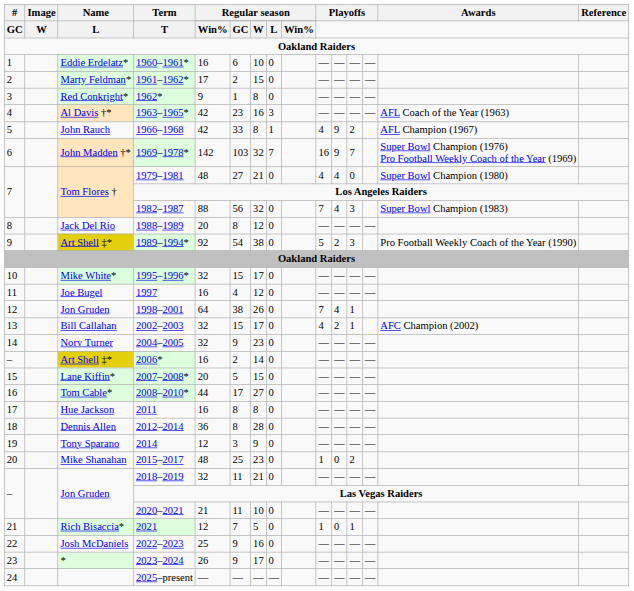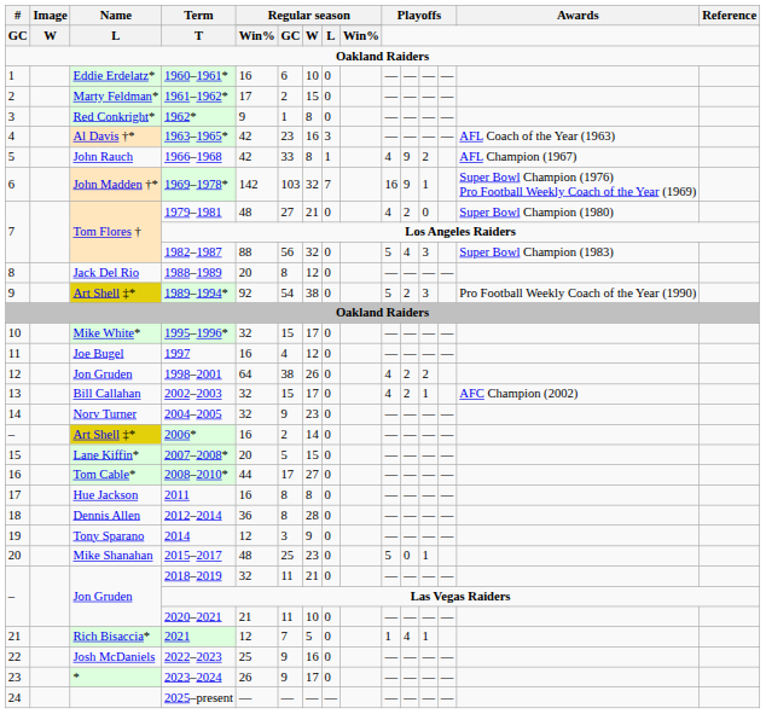 <table class="wikitable">
 <tr>
 <th rowspan="2">#</th>
 <th rowspan="2">Image</th>
 <th rowspan="2">Name</th>
 <th rowspan="2">Term</th>
 <th colspan="5">Regular season</th>
 <th colspan="4">Playoffs</th>
 <th rowspan="2">Awards</th>
 <th rowspan="2">Reference</th>
 </tr>
 <tr>
 </tr>
 <tr>
 <th>GC</th>
 <th>W</th>
 <th>L</th>
 <th>T</th>
 <th>Win%</th>
 <th>GC</th>
 <th>W</th>
 <th>L</th>
 <th>Win%</th>
 </tr>
 <tr>
 <td align="center" colspan="19"><strong>Oakland Raiders</strong></td>
 </tr>
 <tr>
 <td>1</td>
 <td></td>
 <td style="background-color:#ddffdd"><a href='#'>Eddie Erdelatz</a>*</td>
 <td style="background-color:#ddffdd"><a href='#'>1960</a>–<a href='#'>1961</a>*</td>
 <td>16</td>
 <td>6</td>
 <td>10</td>
 <td>0</td>
 <td></td>
 <td>—</td>
 <td>—</td>
 <td>—</td>
 <td>—</td>
 <td></td>
 <td align=center></td>
 </tr>
 <tr>
 <td>2</td>
 <td></td>
 <td style="background-color:#ddffdd"><a href='#'>Marty Feldman</a>*</td>
 <td style="background-color:#ddffdd"><a href='#'>1961</a>–<a href='#'>1962</a>*</td>
 <td>17</td>
 <td>2</td>
 <td>15</td>
 <td>0</td>
 <td></td>
 <td>—</td>
 <td>—</td>
 <td>—</td>
 <td>—</td>
 <td></td>
 <td align=center></td>
 </tr>
 <tr>
 <td>3</td>
 <td></td>
 <td style="background-color:#ddffdd"><a href='#'>Red Conkright</a>*</td>
 <td style="background-color:#ddffdd"><a href='#'>1962</a>*</td>
 <td>9</td>
 <td>1</td>
 <td>8</td>
 <td>0</td>
 <td></td>
 <td>—</td>
 <td>—</td>
 <td>—</td>
 <td>—</td>
 <td></td>
 <td align=center></td>
 </tr>
 <tr>
 <td>4</td>
 <td></td>
 <td style="background-color:#FFE6BD"><a href='#'>Al Davis</a> †*</td>
 <td style="background-color:#ddffdd"><a href='#'>1963</a>–<a href='#'>1965</a>*</td>
 <td>42</td>
 <td>23</td>
 <td>16</td>
 <td>3</td>
 <td></td>
 <td>—</td>
 <td>—</td>
 <td>—</td>
 <td>—</td>
 <td><a href='#'>AFL</a> Coach of the Year (1963)</td>
 <td align=center></td>
 </tr>
 <tr>
 <td>5</td>
 <td></td>
 <td><a href='#'>John Rauch</a></td>
 <td><a href='#'>1966</a>–<a href='#'>1968</a></td>
 <td>42</td>
 <td>33</td>
 <td>8</td>
 <td>1</td>
 <td></td>
 <td>4</td>
 <td>9</td>
 <td>2</td>
 <td></td>
 <td><a href='#'>AFL</a> Champion (1967)</td>
 <td align=center></td>
 </tr>
 <tr>
 <td>6</td>
 <td></td>
 <td style="background-color:#FFE6BD"><a href='#'>John Madden</a> †*</td>
 <td style="background-color:#ddffdd"><a href='#'>1969</a>–<a href='#'>1978</a>*</td>
 <td>142</td>
 <td>103</td>
 <td>32</td>
 <td>7</td>
 <td></td>
 <td>16</td>
 <td>9</td>
-<td>7</td>
+<td>1</td>
 <td></td>
 <td><a href='#'>Super Bowl</a> Champion (1976)<br><a href='#'>Pro Football Weekly Coach of the Year</a> (1969)</td>
 <td align=center></td>
 </tr>
 <tr>
 <td rowspan="3">7</td>
 <td rowspan="3"></td>
 <td rowspan="3" style="background-color:#FFE6BD"><a href='#'>Tom Flores</a> †</td>
 <td><a href='#'>1979</a>–<a href='#'>1981</a></td>
 <td>48</td>
 <td>27</td>
 <td>21</td>
 <td>0</td>
 <td></td>
 <td>4</td>
-<td>4</td>
+<td>2</td>
 <td>0</td>
 <td></td>
 <td><a href='#'>Super Bowl</a> Champion (1980)</td>
 <td align=center></td>
 </tr>
 <tr>
 <td align="center" colspan="16"><strong>Los Angeles Raiders</strong></td>
 </tr>
 <tr>
 <td><a href='#'>1982</a>–<a href='#'>1987</a></td>
 <td>88</td>
 <td>56</td>
 <td>32</td>
 <td>0</td>
 <td></td>
-<td>7</td>
+<td>5</td>
 <td>4</td>
 <td>3</td>
 <td></td>
 <td><a href='#'>Super Bowl</a> Champion (1983)</td>
 <td align=center></td>
 </tr>
 <tr>
 <td>8</td>
 <td></td>
 <td><a href='#'>Jack Del Rio</a></td>
 <td><a href='#'>1988</a>–<a href='#'>1989</a></td>
 <td>20</td>
 <td>8</td>
 <td>12</td>
 <td>0</td>
 <td></td>
 <td>—</td>
 <td>—</td>
 <td>—</td>
 <td>—</td>
 <td></td>
 <td align=center></td>
 </tr>
 <tr>
 <td>9</td>
 <td></td>
 <td style="background-color:#E4D00A"><a href='#'>Art Shell</a> ‡*</td>
 <td style="background-color:#ddffdd"><a href='#'>1989</a>–<a href='#'>1994</a>*</td>
 <td>92</td>
 <td>54</td>
 <td>38</td>
 <td>0</td>
 <td></td>
 <td>5</td>
 <td>2</td>
 <td>3</td>
 <td></td>
 <td>Pro Football Weekly Coach of the Year (1990)</td>
 <td align=center></td>
 </tr>
 <tr bgcolor=silver>
 <td align="center" colspan="19"><strong>Oakland Raiders</strong></td>
 </tr>
 <tr>
 <td>10</td>
 <td></td>
 <td style="background-color:#ddffdd"><a href='#'>Mike White</a>*</td>
 <td style="background-color:#ddffdd"><a href='#'>1995</a>–<a href='#'>1996</a>*</td>
 <td>32</td>
 <td>15</td>
 <td>17</td>
 <td>0</td>
 <td></td>
 <td>—</td>
 <td>—</td>
 <td>—</td>
 <td>—</td>
 <td></td>
 <td align=center></td>
 </tr>
 <tr>
 <td>11</td>
 <td></td>
 <td><a href='#'>Joe Bugel</a></td>
 <td><a href='#'>1997</a></td>
 <td>16</td>
 <td>4</td>
 <td>12</td>
 <td>0</td>
 <td></td>
 <td>—</td>
 <td>—</td>
 <td>—</td>
 <td>—</td>
 <td></td>
 <td align=center></td>
 </tr>
 <tr>
 <td>12</td>
 <td></td>
 <td><a href='#'>Jon Gruden</a></td>
 <td><a href='#'>1998</a>–<a href='#'>2001</a></td>
 <td>64</td>
 <td>38</td>
 <td>26</td>
 <td>0</td>
 <td></td>
-<td>7</td>
 <td>4</td>
-<td>1</td>
+<td>2</td>
+<td>2</td>
 <td></td>
 <td></td>
 <td align=center></td>
 </tr>
 <tr>
 <td>13</td>
 <td></td>
 <td><a href='#'>Bill Callahan</a></td>
 <td><a href='#'>2002</a>–<a href='#'>2003</a></td>
 <td>32</td>
 <td>15</td>
 <td>17</td>
 <td>0</td>
 <td></td>
 <td>4</td>
 <td>2</td>
 <td>1</td>
 <td></td>
 <td><a href='#'>AFC</a> Champion (2002)</td>
 <td align=center></td>
 </tr>
 <tr>
 <td>14</td>
 <td></td>
 <td><a href='#'>Norv Turner</a></td>
 <td><a href='#'>2004</a>–<a href='#'>2005</a></td>
 <td>32</td>
 <td>9</td>
 <td>23</td>
 <td>0</td>
 <td></td>
 <td>—</td>
 <td>—</td>
 <td>—</td>
 <td>—</td>
 <td></td>
 <td align=center></td>
 </tr>
 <tr>
 <td>–</td>
 <td></td>
 <td style="background-color:#E4D00A"><a href='#'>Art Shell</a> ‡*</td>
 <td style="background-color:#ddffdd"><a href='#'>2006</a>*</td>
 <td>16</td>
 <td>2</td>
 <td>14</td>
 <td>0</td>
 <td></td>
 <td>—</td>
 <td>—</td>
 <td>—</td>
 <td>—</td>
 <td></td>
 <td align=center></td>
 </tr>
 <tr>
 <td>15</td>
 <td></td>
 <td style="background-color:#ddffdd"><a href='#'>Lane Kiffin</a>*</td>
 <td style="background-color:#ddffdd"><a href='#'>2007</a>–<a href='#'>2008</a>*</td>
 <td>20</td>
 <td>5</td>
 <td>15</td>
 <td>0</td>
 <td></td>
 <td>—</td>
 <td>—</td>
 <td>—</td>
 <td>—</td>
 <td></td>
 <td align=center></td>
 </tr>
 <tr>
 <td>16</td>
 <td></td>
 <td style="background-color:#ddffdd"><a href='#'>Tom Cable</a>*</td>
 <td style="background-color:#ddffdd"><a href='#'>2008</a>–<a href='#'>2010</a>*</td>
 <td>44</td>
 <td>17</td>
 <td>27</td>
 <td>0</td>
 <td></td>
 <td>—</td>
 <td>—</td>
 <td>—</td>
 <td>—</td>
 <td></td>
 <td align=center></td>
 </tr>
 <tr>
 <td>17</td>
 <td></td>
 <td><a href='#'>Hue Jackson</a></td>
 <td><a href='#'>2011</a></td>
 <td>16</td>
 <td>8</td>
 <td>8</td>
 <td>0</td>
 <td></td>
 <td>—</td>
 <td>—</td>
 <td>—</td>
 <td>—</td>
 <td></td>
 <td align=center></td>
 </tr>
 <tr>
 <td>18</td>
 <td></td>
 <td><a href='#'>Dennis Allen</a></td>
 <td><a href='#'>2012</a>–<a href='#'>2014</a></td>
 <td>36</td>
 <td>8</td>
 <td>28</td>
 <td>0</td>
 <td></td>
 <td>—</td>
 <td>—</td>
 <td>—</td>
 <td>—</td>
 <td></td>
 <td align=center></td>
 </tr>
 <tr>
 <td>19</td>
 <td></td>
 <td><a href='#'>Tony Sparano</a></td>
 <td><a href='#'>2014</a></td>
 <td>12</td>
 <td>3</td>
 <td>9</td>
 <td>0</td>
 <td></td>
 <td>—</td>
 <td>—</td>
 <td>—</td>
 <td>—</td>
 <td></td>
 <td align=center></td>
 </tr>
 <tr>
 <td>20</td>
 <td></td>
 <td><a href='#'>Mike Shanahan</a></td>
 <td><a href='#'>2015</a>–<a href='#'>2017</a></td>
 <td>48</td>
 <td>25</td>
 <td>23</td>
 <td>0</td>
 <td></td>
+<td>5</td>
+<td>0</td>
 <td>1</td>
-<td>0</td>
-<td>2</td>
 <td></td>
 <td></td>
 <td align=center></td>
 </tr>
 <tr>
 <td rowspan="3">–</td>
 <td rowspan="3"></td>
 <td rowspan="3"><a href='#'>Jon Gruden</a></td>
 <td><a href='#'>2018</a>–<a href='#'>2019</a></td>
 <td>32</td>
 <td>11</td>
 <td>21</td>
 <td>0</td>
 <td></td>
 <td>—</td>
 <td>—</td>
 <td>—</td>
 <td>—</td>
 <td></td>
 <td align=center></td>
 </tr>
 <tr>
 <td align="center" colspan="16"><strong>Las Vegas Raiders</strong></td>
 </tr>
 <tr>
 <td><a href='#'>2020</a>–<a href='#'>2021</a></td>
 <td>21</td>
 <td>11</td>
 <td>10</td>
 <td>0</td>
 <td></td>
 <td>—</td>
 <td>—</td>
 <td>—</td>
 <td>—</td>
 <td></td>
 <td align=center></td>
 </tr>
 <tr>
 <td>21</td>
 <td></td>
 <td style="background-color:#ddffdd"><a href='#'>Rich Bisaccia</a>*</td>
 <td style="background-color:#ddffdd"><a href='#'>2021</a></td>
 <td>12</td>
 <td>7</td>
 <td>5</td>
 <td>0</td>
 <td></td>
 <td>1</td>
-<td>0</td>
+<td>4</td>
 <td>1</td>
 <td></td>
 <td></td>
 <td align=center></td>
 </tr>
 <tr>
 <td>22</td>
 <td></td>
 <td><a href='#'>Josh McDaniels</a></td>
 <td><a href='#'>2022</a>–<a href='#'>2023</a></td>
 <td>25</td>
 <td>9</td>
 <td>16</td>
 <td>0</td>
 <td></td>
 <td>—</td>
 <td>—</td>
 <td>—</td>
 <td>—</td>
 <td></td>
 <td align=center></td>
 </tr>
 <tr>
 <td>23</td>
 <td></td>
 <td align="left" style="background-color:#ddffdd">*</td>
 <td><a href='#'>2023</a>–<a href='#'>2024</a></td>
 <td>26</td>
 <td>9</td>
 <td>17</td>
 <td>0</td>
 <td></td>
 <td>—</td>
 <td>—</td>
 <td>—</td>
 <td>—</td>
 <td></td>
 <td align=center></td>
 </tr>
 <tr>
 <td>24</td>
 <td></td>
 <td></td>
 <td><a href='#'>2025</a>–present</td>
 <td>—</td>
 <td>—</td>
 <td>—</td>
 <td>—</td>
 <td></td>
 <td>—</td>
 <td>—</td>
 <td>—</td>
 <td>—</td>
 <td></td>
 <td align=center></td>
 </tr>
 </table>
